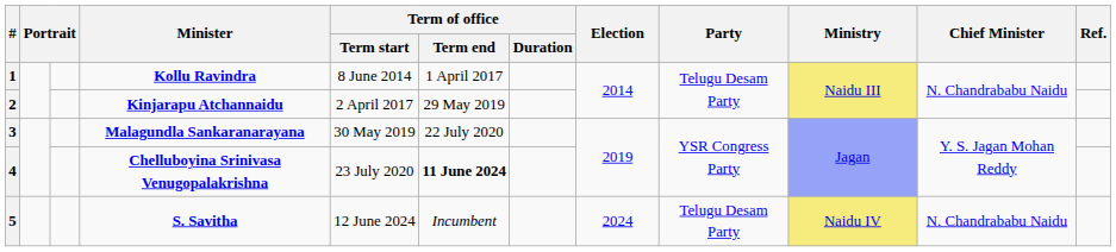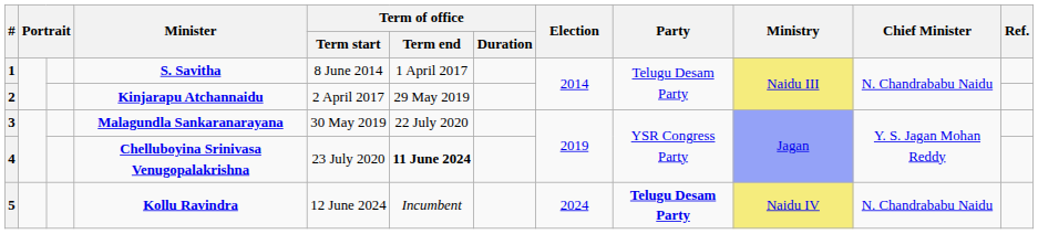 <table class="wikitable" style="line-height:1.4em; text-align:center">
 <tr>
 <th rowspan=2>#</th>
 <th rowspan=2 colspan="2">Portrait</th>
 <th rowspan=2 style="width:16em">Minister<br></th>
 <th colspan="3">Term of office</th>
 <th rowspan=2 style="width:5em">Election<br></th>
 <th rowspan=2 style="width:8em">Party</th>
 <th rowspan=2 style="width:8em">Ministry</th>
 <th rowspan=2 style="width:10em">Chief Minister</th>
 <th rowspan=2>Ref.</th>
 </tr>
 <tr>
 <th>Term start</th>
 <th>Term end</th>
 <th>Duration</th>
 </tr>
 <tr>
 <th>1</th>
 <td rowspan=2></td>
 <td></td>
-<td><strong><a href='#'>Kollu Ravindra</a></strong><br></td>
+<td><strong><a href='#'>S. Savitha</a></strong><br></td>
 <td>8 June 2014</td>
 <td>1 April 2017</td>
 <td><strong></strong></td>
 <td rowspan=2><a href='#'>2014</a><br></td>
 <td rowspan=2><a href='#'>Telugu Desam Party</a></td>
 <td rowspan=2 bgcolor="#F5EC7D"><a href='#'>Naidu III</a></td>
 <td rowspan=2><a href='#'>N. Chandrababu Naidu</a></td>
 <td></td>
 </tr>
 <tr>
 <th>2</th>
 <td></td>
 <td><strong><a href='#'>Kinjarapu Atchannaidu</a></strong><br></td>
 <td>2 April 2017</td>
 <td>29 May 2019</td>
 <td><strong></strong></td>
 <td></td>
 </tr>
 <tr>
 <th>3</th>
 <td rowspan=2></td>
 <td></td>
 <td><strong><a href='#'>Malagundla Sankaranarayana</a></strong><br></td>
 <td>30 May 2019</td>
 <td>22 July 2020</td>
 <td><strong></strong></td>
 <td rowspan=2><a href='#'>2019</a><br></td>
 <td rowspan="2"><a href='#'>YSR Congress Party</a></td>
 <td rowspan=2 bgcolor="#94A2F7"><a href='#'>Jagan</a></td>
 <td rowspan="2"><a href='#'>Y. S. Jagan Mohan Reddy</a></td>
 <td></td>
 </tr>
 <tr>
 <th>4</th>
 <td></td>
 <td><strong><a href='#'>Chelluboyina Srinivasa Venugopalakrishna</a></strong><br></td>
 <td>23 July 2020</td>
 <td><strong>11 June 2024</strong></td>
 <td><strong></strong></td>
 <td></td>
 </tr>
 <tr>
 <th>5</th>
 <td></td>
 <td></td>
-<td><strong><a href='#'>S. Savitha</a></strong><br></td>
+<td><strong><a href='#'>Kollu Ravindra</a></strong><br></td>
 <td>12 June 2024</td>
 <td><em>Incumbent</em></td>
 <td><strong></strong></td>
 <td><a href='#'>2024</a><br></td>
-<td><a href='#'>Telugu Desam Party</a></td>
+<td><strong><a href='#'>Telugu Desam Party</a></strong></td>
 <td bgcolor="#F5EC7D"><a href='#'>Naidu IV</a></td>
 <td><a href='#'>N. Chandrababu Naidu</a></td>
 <td></td>
 </tr>
 </table>
